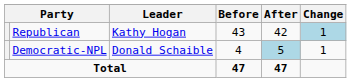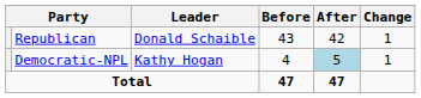 <table class="wikitable" style="text-align:center;">
 <tr>
 </tr>
 <tr>
 <th colspan="2">Party</th>
 <th>Leader</th>
 <th style="width:3em">Before</th>
 <th style="width:3em">After</th>
 <th style="width:3em">Change</th>
 </tr>
 <tr>
 <th style="background-color:"></th>
 <td style="text-align:left;"><a href='#'>Republican</a></td>
-<td style="text-align:left;"><a href='#'>Kathy Hogan</a></td>
+<td style="text-align:left;"><a href='#'>Donald Schaible</a></td>
 <td>43</td>
 <td>42</td>
-<td style="background: lightblue;"> 1</td>
+<td> 1</td>
 </tr>
 <tr>
 <th style="background-color:"></th>
 <td style="text-align:left;"><a href='#'>Democratic-NPL</a></td>
-<td style="text-align:left;"><a href='#'>Donald Schaible</a></td>
+<td style="text-align:left;"><a href='#'>Kathy Hogan</a></td>
 <td>4</td>
 <td style="background: lightblue;">5</td>
 <td> 1</td>
 </tr>
 <tr>
 <td colspan="3"><strong>Total</strong></td>
 <td><strong>47</strong></td>
 <td><strong>47</strong></td>
 <td></td>
 </tr>
 </table>
